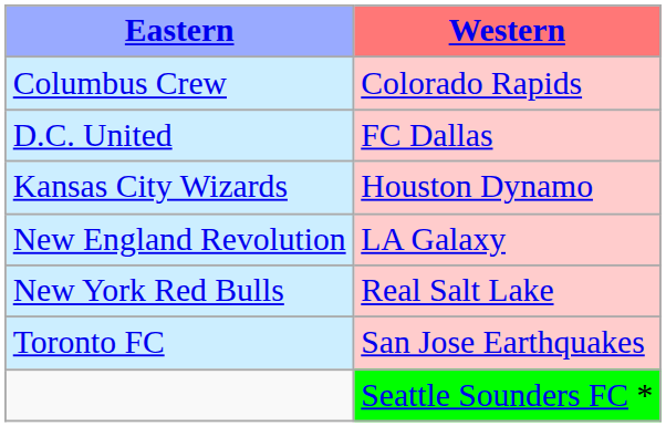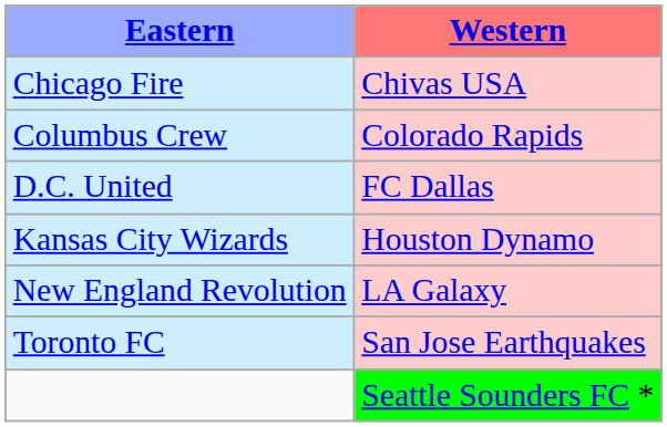 <table class="wikitable">
 <tr>
 <th style="background-color: #9AF;"><a href='#'>Eastern</a></th>
 <th style="background-color: #F77;"><a href='#'>Western</a></th>
+</tr>
+<tr>
+<td style="background-color: #CEF;"><a href='#'>Chicago Fire</a></td>
+<td style="background-color: #FCC;"><a href='#'>Chivas USA</a></td>
 </tr>
 <tr>
 <td style="background-color: #CEF;"><a href='#'>Columbus Crew</a></td>
 <td style="background-color: #FCC;"><a href='#'>Colorado Rapids</a></td>
 </tr>
 <tr>
 <td style="background-color: #CEF;"><a href='#'>D.C. United</a></td>
 <td style="background-color: #FCC;"><a href='#'>FC Dallas</a></td>
 </tr>
 <tr>
 <td style="background-color: #CEF;"><a href='#'>Kansas City Wizards</a></td>
 <td style="background-color: #FCC;"><a href='#'>Houston Dynamo</a></td>
 </tr>
 <tr>
 <td style="background-color: #CEF;"><a href='#'>New England Revolution</a></td>
 <td style="background-color: #FCC;"><a href='#'>LA Galaxy</a></td>
 </tr>
 <tr>
-<td style="background-color: #CEF;"><a href='#'>New York Red Bulls</a></td>
-<td style="background-color: #FCC;"><a href='#'>Real Salt Lake</a></td>
-</tr>
-<tr>
 <td style="background-color: #CEF;"><a href='#'>Toronto FC</a></td>
 <td style="background-color: #FCC;"><a href='#'>San Jose Earthquakes</a></td>
 </tr>
 <tr>
 <td></td>
 <td style="background-color: #0F0;"><a href='#'>Seattle Sounders FC</a> *</td>
 </tr>
 </table>
